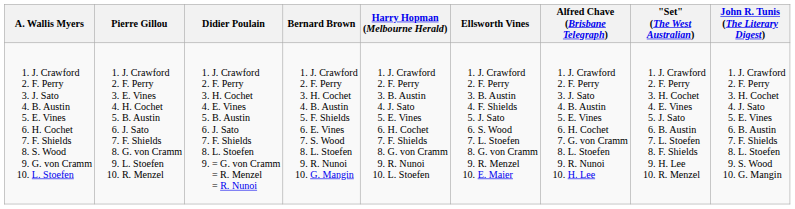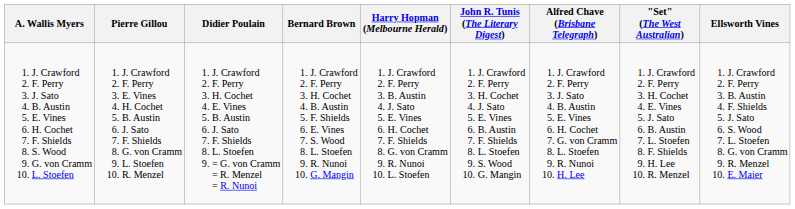 <table class="wikitable">
 <tr>
 <th>A. Wallis Myers</th>
 <th>Pierre Gillou</th>
 <th>Didier Poulain<em></em></th>
 <th>Bernard Brown</th>
 <th><a href='#'>Harry Hopman</a><br>(<em>Melbourne Herald</em>)</th>
-<th>Ellsworth Vines</th>
+<th><a href='#'>John R. Tunis</a><br>(<em><a href='#'>The Literary Digest</a></em>)</th>
 <th>Alfred Chave<br>(<a href='#'><em>Brisbane Telegraph</em></a>)</th>
 <th>"Set"<br>(<em><a href='#'>The West Australian</a></em>)</th>
-<th><a href='#'>John R. Tunis</a><br>(<em><a href='#'>The Literary Digest</a></em>)</th>
+<th>Ellsworth Vines</th>
 </tr>
 <tr style="vertical-align: top;">
 <td style="white-space: nowrap;"><br><ol><li> J. Crawford</li><li> F. Perry</li><li> J. Sato</li><li> B. Austin</li><li> E. Vines</li><li> H. Cochet</li><li> F. Shields</li><li> S. Wood</li><li> G. von Cramm</li><li> <a href='#'>L. Stoefen</a></li></ol></td>
 <td style="white-space: nowrap;"><br><ol><li> J. Crawford</li><li> F. Perry</li><li> E. Vines</li><li> H. Cochet</li><li> B. Austin</li><li> J. Sato</li><li> F. Shields</li><li> G. von Cramm</li><li> L. Stoefen</li><li> R. Menzel</li></ol></td>
 <td style="white-space: nowrap;"><br><ol><li> J. Crawford</li><li> F. Perry</li><li> H. Cochet</li><li> E. Vines</li><li> B. Austin</li><li> J. Sato</li><li> F. Shields</li><li> L. Stoefen</li><li>= G. von Cramm<br>= R. Menzel<br>= <a href='#'>R. Nunoi</a></li></ol></td>
 <td style="white-space: nowrap;"><br><ol><li> J. Crawford</li><li> F. Perry</li><li> H. Cochet</li><li> B. Austin</li><li> F. Shields</li><li> E. Vines</li><li> S. Wood</li><li> L. Stoefen</li><li> R. Nunoi</li><li> <a href='#'>G. Mangin</a></li></ol></td>
 <td style="white-space: nowrap;"><br><ol><li> J. Crawford</li><li> F. Perry</li><li> B. Austin</li><li> J. Sato</li><li> E. Vines</li><li> H. Cochet</li><li> F. Shields</li><li> G. von Cramm</li><li> R. Nunoi</li><li> L. Stoefen</li></ol></td>
-<td style="white-space: nowrap;"><br><ol><li> J. Crawford</li><li> F. Perry</li><li> B. Austin</li><li> F. Shields</li><li> J. Sato</li><li> S. Wood</li><li> L. Stoefen</li><li> G. von Cramm</li><li> R. Menzel</li><li> <a href='#'>E. Maier</a></li></ol></td>
+<td style="white-space: nowrap;"><br><ol><li> J. Crawford</li><li> F. Perry</li><li> H. Cochet</li><li> J. Sato</li><li> E. Vines</li><li> B. Austin</li><li> F. Shields</li><li> L. Stoefen</li><li> S. Wood</li><li> G. Mangin</li></ol></td>
 <td style="white-space: nowrap;"><br><ol><li> J. Crawford</li><li> F. Perry</li><li> J. Sato</li><li> B. Austin</li><li> E. Vines</li><li> H. Cochet</li><li> G. von Cramm</li><li> L. Stoefen</li><li> R. Nunoi</li><li> <a href='#'>H. Lee</a></li></ol></td>
 <td style="white-space: nowrap;"><br><ol><li> J. Crawford</li><li> F. Perry</li><li> H. Cochet</li><li> E. Vines</li><li> J. Sato</li><li> B. Austin</li><li> L. Stoefen</li><li> F. Shields</li><li> H. Lee</li><li> R. Menzel</li></ol></td>
-<td style="white-space: nowrap;"><br><ol><li> J. Crawford</li><li> F. Perry</li><li> H. Cochet</li><li> J. Sato</li><li> E. Vines</li><li> B. Austin</li><li> F. Shields</li><li> L. Stoefen</li><li> S. Wood</li><li> G. Mangin</li></ol></td>
+<td style="white-space: nowrap;"><br><ol><li> J. Crawford</li><li> F. Perry</li><li> B. Austin</li><li> F. Shields</li><li> J. Sato</li><li> S. Wood</li><li> L. Stoefen</li><li> G. von Cramm</li><li> R. Menzel</li><li> <a href='#'>E. Maier</a></li></ol></td>
 </tr>
 </table>
